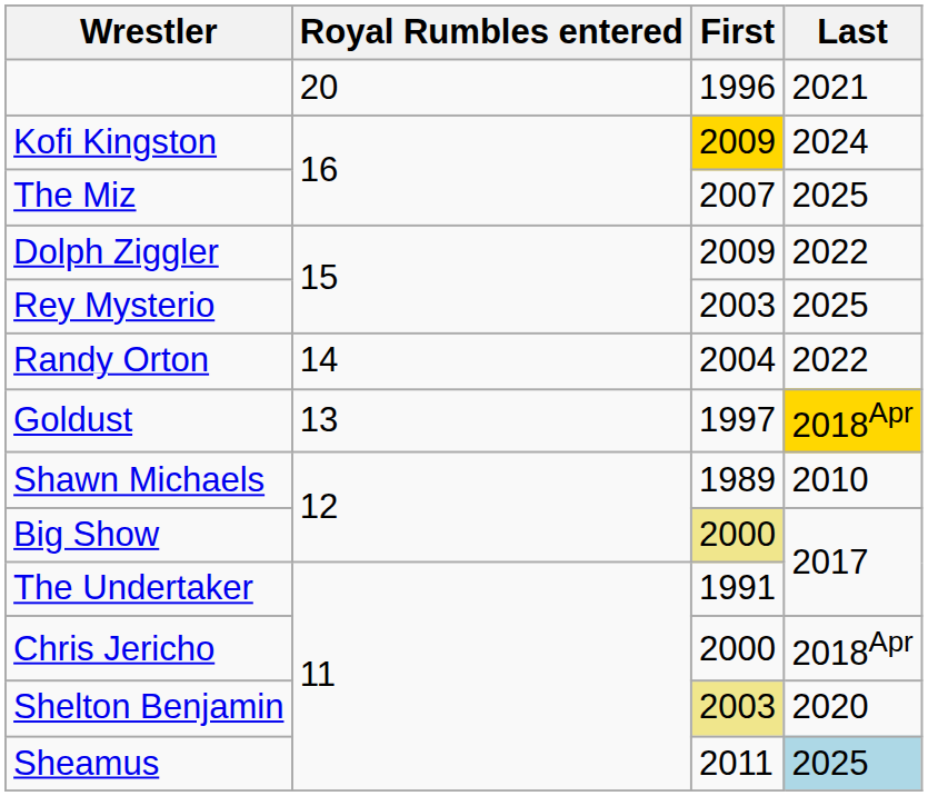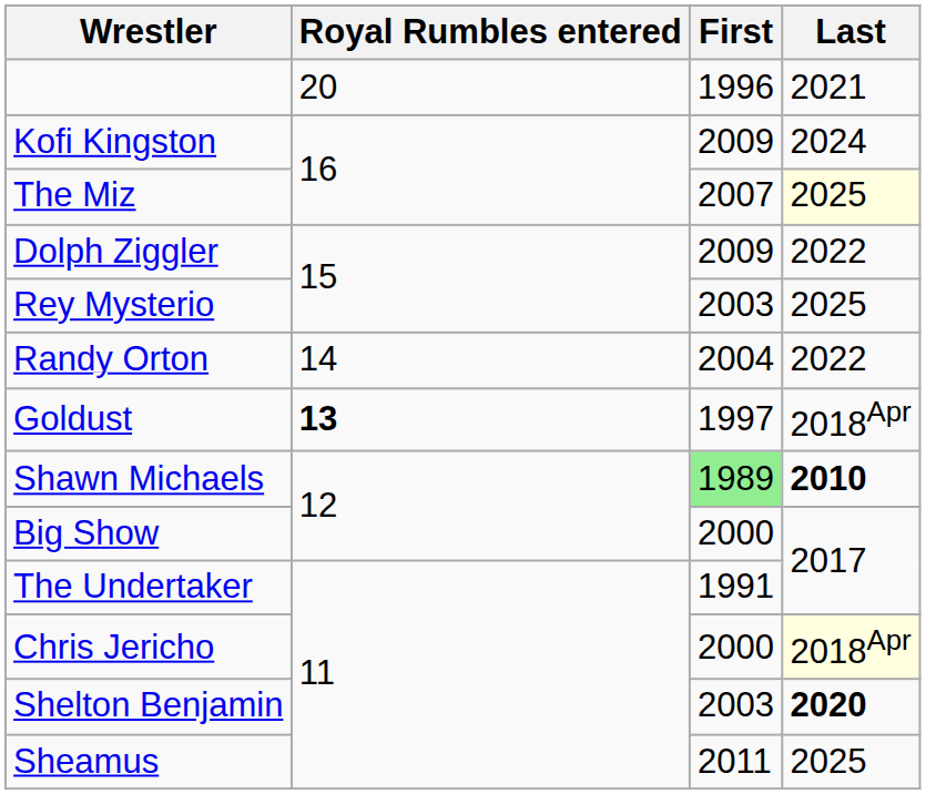 <table class="wikitable sortable">
 <tr>
 <th>Wrestler</th>
 <th>Royal Rumbles entered</th>
 <th>First</th>
 <th>Last</th>
 </tr>
 <tr>
 <td></td>
 <td>20</td>
 <td>1996</td>
 <td>2021</td>
 </tr>
 <tr>
 <td><a href='#'>Kofi Kingston</a></td>
 <td rowspan="2">16</td>
-<td style="background: gold;">2009</td>
+<td>2009</td>
 <td>2024</td>
 </tr>
 <tr>
 <td><a href='#'>The Miz</a></td>
 <td>2007</td>
-<td>2025</td>
+<td style="background: lightyellow;">2025</td>
 </tr>
 <tr>
 <td><a href='#'>Dolph Ziggler</a></td>
 <td rowspan="2">15</td>
 <td>2009</td>
 <td>2022</td>
 </tr>
 <tr>
 <td><a href='#'>Rey Mysterio</a></td>
 <td>2003</td>
 <td>2025</td>
 </tr>
 <tr>
 <td><a href='#'>Randy Orton</a></td>
 <td>14</td>
 <td>2004</td>
 <td>2022</td>
 </tr>
 <tr>
 <td><a href='#'>Goldust</a></td>
-<td>13</td>
+<td><strong>13</strong></td>
 <td>1997</td>
-<td style="background: gold;">2018<sup>Apr</sup></td>
+<td>2018<sup>Apr</sup></td>
 </tr>
 <tr>
 <td><a href='#'>Shawn Michaels</a></td>
 <td rowspan="2">12</td>
-<td>1989</td>
-<td>2010</td>
+<td style="background: lightgreen;">1989</td>
+<td><strong>2010</strong></td>
 </tr>
 <tr>
 <td><a href='#'>Big Show</a></td>
-<td style="background: khaki;">2000</td>
+<td>2000</td>
 <td rowspan="2">2017</td>
 </tr>
 <tr>
 <td><a href='#'>The Undertaker</a></td>
 <td rowspan="4">11</td>
 <td>1991</td>
 </tr>
 <tr>
 <td><a href='#'>Chris Jericho</a></td>
 <td>2000</td>
-<td>2018<sup>Apr</sup></td>
+<td style="background: lightyellow;">2018<sup>Apr</sup></td>
 </tr>
 <tr>
 <td><a href='#'>Shelton Benjamin</a></td>
-<td style="background: khaki;">2003</td>
-<td>2020</td>
+<td>2003</td>
+<td><strong>2020</strong></td>
 </tr>
 <tr>
 <td><a href='#'>Sheamus</a></td>
 <td>2011</td>
-<td style="background: lightblue;">2025</td>
+<td>2025</td>
 </tr>
 </table>
